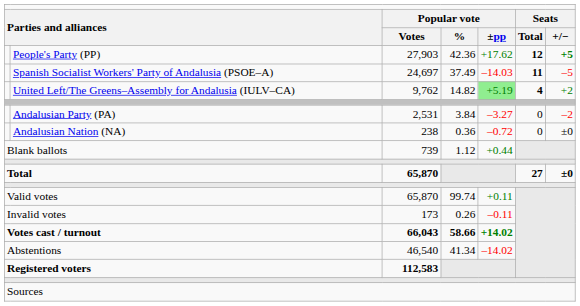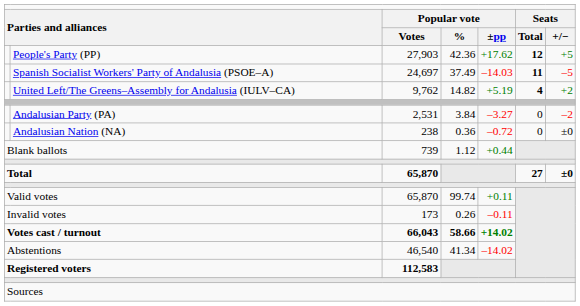 <table class="wikitable" style="text-align:right;">
 <tr>
 <td colspan="7"></td>
 </tr>
 <tr>
 <th style="text-align:left;" rowspan="2" colspan="2" width="525">Parties and alliances</th>
 <th colspan="3">Popular vote</th>
 <th colspan="2">Seats</th>
 </tr>
 <tr>
 <th width="75">Votes</th>
 <th width="45">%</th>
 <th width="45">±<a href='#'>pp</a></th>
 <th width="35">Total</th>
 <th width="35">+/−</th>
 </tr>
 <tr>
 <td width="1" style="color:inherit;background:"></td>
 <td align="left"><a href='#'>People's Party</a> (PP)</td>
 <td>27,903</td>
 <td>42.36</td>
 <td style="color:green;">+17.62</td>
 <td><strong>12</strong></td>
-<td style="color:green;"><strong>+5</strong></td>
+<td style="color:green;">+5</td>
 </tr>
 <tr>
 <td style="color:inherit;background:"></td>
 <td align="left"><a href='#'>Spanish Socialist Workers' Party of Andalusia</a> (PSOE–A)</td>
 <td>24,697</td>
 <td>37.49</td>
 <td style="color:red;">–14.03</td>
 <td><strong>11</strong></td>
 <td style="color:red;">–5</td>
 </tr>
 <tr>
 <td style="color:inherit;background:"></td>
 <td align="left"><a href='#'>United Left/The Greens–Assembly for Andalusia</a> (IULV–CA)</td>
 <td>9,762</td>
 <td>14.82</td>
-<td style="background: lightgreen; color:green;">+5.19</td>
+<td style="color:green;">+5.19</td>
 <td><strong>4</strong></td>
 <td style="color:green;">+2</td>
 </tr>
 <tr>
 <td colspan="7" bgcolor="#C0C0C0"></td>
 </tr>
 <tr>
 <td style="color:inherit;background:"></td>
 <td align="left"><a href='#'>Andalusian Party</a> (PA)</td>
 <td>2,531</td>
 <td>3.84</td>
 <td style="color:red;">–3.27</td>
 <td>0</td>
 <td style="color:red;">–2</td>
 </tr>
 <tr>
 <td style="color:inherit;background:"></td>
 <td align="left"><a href='#'>Andalusian Nation</a> (NA)</td>
 <td>238</td>
 <td>0.36</td>
 <td style="color:red;">–0.72</td>
 <td>0</td>
 <td>±0</td>
 </tr>
 <tr>
 <td align="left" colspan="2">Blank ballots</td>
 <td>739</td>
 <td>1.12</td>
 <td style="color:green;">+0.44</td>
 <td bgcolor="#E9E9E9" colspan="2"></td>
 </tr>
 <tr>
 <td colspan="7" bgcolor="#E9E9E9"></td>
 </tr>
 <tr style="font-weight:bold;">
 <td align="left" colspan="2">Total</td>
 <td>65,870</td>
 <td bgcolor="#E9E9E9" colspan="2"></td>
 <td>27</td>
 <td>±0</td>
 </tr>
 <tr>
 <td colspan="7" bgcolor="#E9E9E9"></td>
 </tr>
 <tr>
 <td align="left" colspan="2">Valid votes</td>
 <td>65,870</td>
 <td>99.74</td>
 <td style="color:green;">+0.11</td>
 <td bgcolor="#E9E9E9" colspan="2" rowspan="5"></td>
 </tr>
 <tr>
 <td align="left" colspan="2">Invalid votes</td>
 <td>173</td>
 <td>0.26</td>
 <td style="color:red;">–0.11</td>
 </tr>
 <tr style="font-weight:bold;">
 <td align="left" colspan="2">Votes cast / turnout</td>
 <td>66,043</td>
 <td>58.66</td>
 <td style="color:green;">+14.02</td>
 </tr>
 <tr>
 <td align="left" colspan="2">Abstentions</td>
 <td>46,540</td>
 <td>41.34</td>
 <td style="color:red;">–14.02</td>
 </tr>
 <tr style="font-weight:bold;">
 <td align="left" colspan="2">Registered voters</td>
 <td>112,583</td>
 <td bgcolor="#E9E9E9" colspan="2"></td>
 </tr>
 <tr>
 <td colspan="7" bgcolor="#E9E9E9"></td>
 </tr>
 <tr>
 <td align="left" colspan="7">Sources</td>
 </tr>
 </table>
